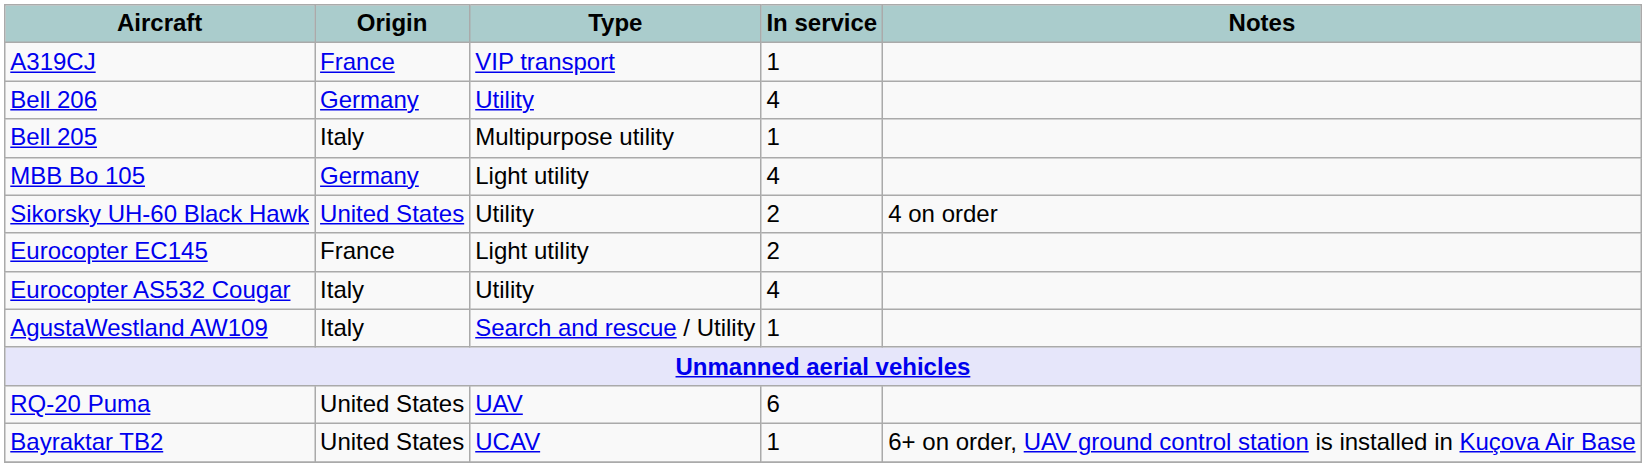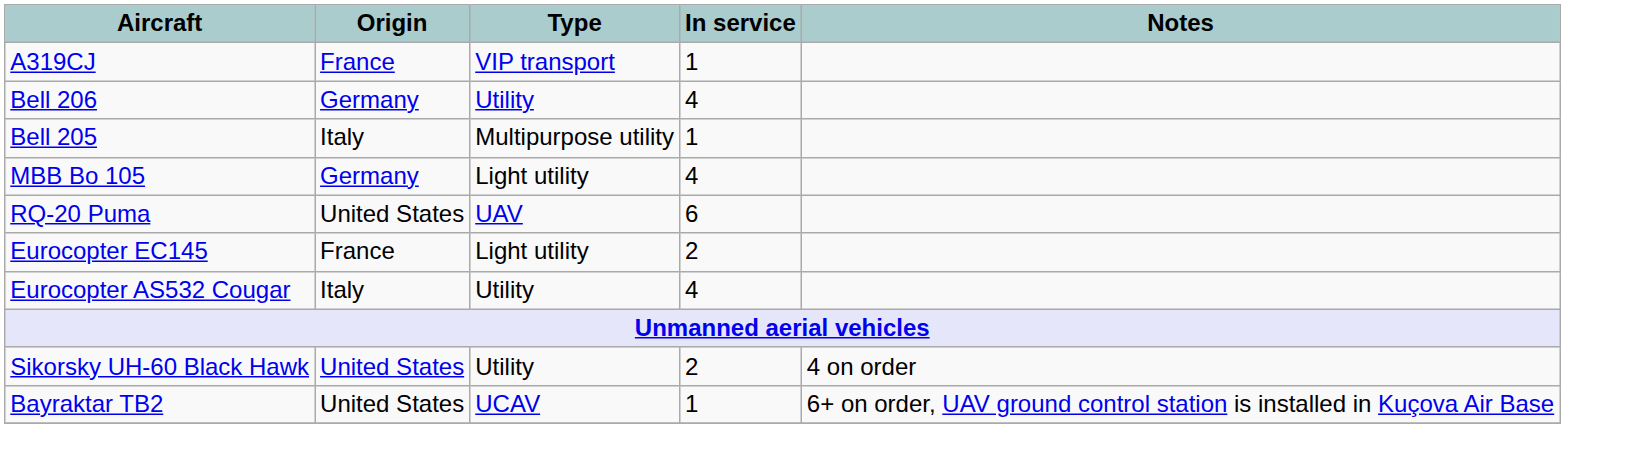 <table class="wikitable">
 <tr>
 <th style="text-align:center; background:#acc;">Aircraft</th>
 <th style="text-align: center; background:#acc;">Origin</th>
 <th style="text-align:l center; background:#acc;">Type</th>
 <th style="text-align:center; background:#acc;">In service</th>
 <th style="text-align: center; background:#acc;">Notes</th>
 </tr>
 <tr>
 <td><a href='#'>A319CJ</a></td>
 <td><a href='#'>France</a></td>
 <td><a href='#'>VIP transport</a></td>
 <td>1</td>
 </tr>
 <tr>
 <td><a href='#'>Bell 206</a></td>
 <td><a href='#'>Germany</a></td>
 <td><a href='#'>Utility</a></td>
 <td>4</td>
 <td></td>
 </tr>
 <tr>
 <td><a href='#'>Bell 205</a></td>
 <td>Italy</td>
 <td>Multipurpose utility</td>
 <td>1</td>
 <td></td>
 </tr>
 <tr>
 <td><a href='#'>MBB Bo 105</a></td>
 <td><a href='#'>Germany</a></td>
 <td>Light utility</td>
 <td>4</td>
 <td></td>
 </tr>
 <tr>
-<td><a href='#'>Sikorsky UH-60 Black Hawk</a></td>
-<td><a href='#'>United States</a></td>
-<td>Utility</td>
-<td>2</td>
-<td>4 on order</td>
+<td><a href='#'>RQ-20 Puma</a></td>
+<td>United States</td>
+<td><a href='#'>UAV</a></td>
+<td>6</td>
+<td></td>
 </tr>
 <tr>
 <td><a href='#'>Eurocopter EC145</a></td>
 <td>France</td>
 <td>Light utility</td>
 <td>2</td>
 <td></td>
 </tr>
 <tr>
 <td><a href='#'>Eurocopter AS532 Cougar</a></td>
 <td>Italy</td>
 <td>Utility</td>
 <td>4</td>
 <td></td>
 </tr>
 <tr>
-<td><a href='#'>AgustaWestland AW109</a></td>
-<td>Italy</td>
-<td><a href='#'>Search and rescue</a> / Utility</td>
-<td>1</td>
-<td></td>
-</tr>
-<tr>
 <th colspan="5" style="align: center; background: lavender;"><a href='#'>Unmanned aerial vehicles</a></th>
 </tr>
 <tr>
-<td><a href='#'>RQ-20 Puma</a></td>
-<td>United States</td>
-<td><a href='#'>UAV</a></td>
-<td>6</td>
-<td></td>
+<td><a href='#'>Sikorsky UH-60 Black Hawk</a></td>
+<td><a href='#'>United States</a></td>
+<td>Utility</td>
+<td>2</td>
+<td>4 on order</td>
 </tr>
 <tr>
 <td><a href='#'>Bayraktar TB2</a></td>
 <td>United States</td>
 <td><a href='#'>UCAV</a></td>
 <td>1</td>
 <td>6+ on order, <a href='#'>UAV ground control station</a> is installed in <a href='#'>Kuçova Air Base</a></td>
 </tr>
 <tr>
 </tr>
 </table>
